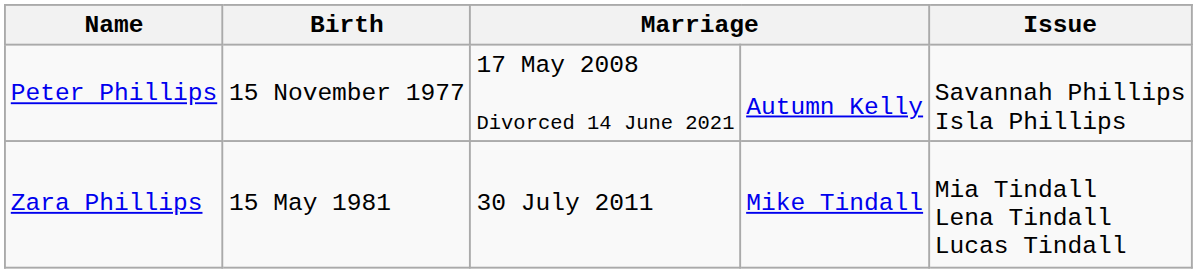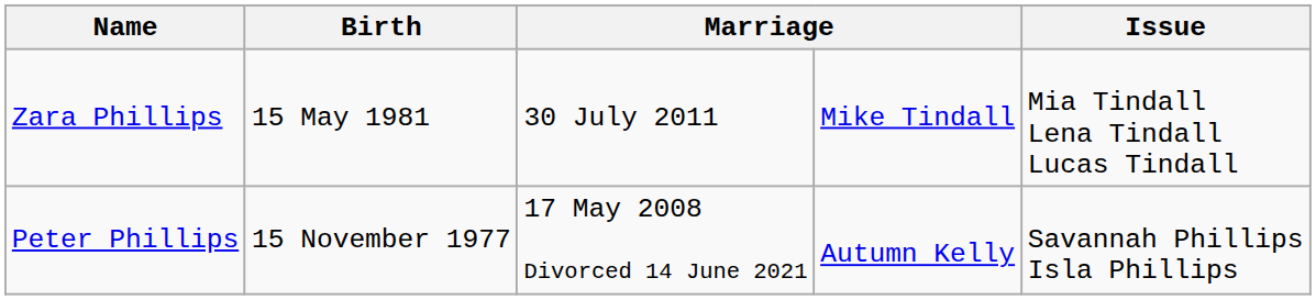 <table class="wikitable">
 <tr>
 <th>Name</th>
 <th>Birth</th>
 <th colspan="2">Marriage</th>
 <th>Issue</th>
 </tr>
 <tr>
+<td><a href='#'>Zara Phillips</a></td>
+<td>15 May 1981</td>
+<td>30 July 2011</td>
+<td><a href='#'>Mike Tindall</a></td>
+<td><br>Mia Tindall <br>  Lena Tindall <br>  Lucas Tindall</td>
+</tr>
+<tr>
 <td><a href='#'>Peter Phillips</a></td>
 <td>15 November 1977</td>
 <td>17 May 2008<br><br><small>Divorced 14 June 2021</small></td>
 <td><br><a href='#'>Autumn Kelly</a></td>
 <td><br>Savannah Phillips <br>  Isla Phillips</td>
 </tr>
-<tr>
-<td><a href='#'>Zara Phillips</a></td>
-<td>15 May 1981</td>
-<td>30 July 2011</td>
-<td><a href='#'>Mike Tindall</a></td>
-<td><br>Mia Tindall <br>  Lena Tindall <br>  Lucas Tindall</td>
-</tr>
 </table>
